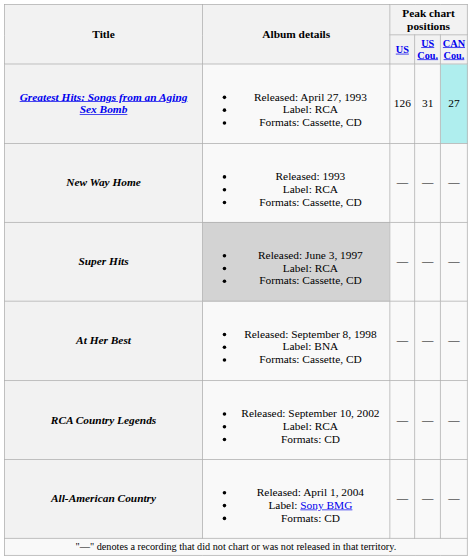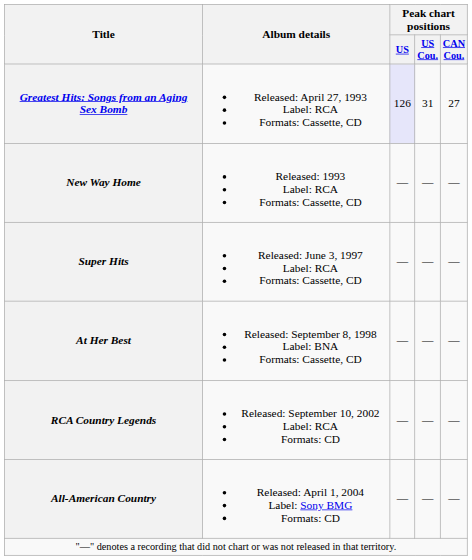 <table class="wikitable plainrowheaders" style="text-align:center;" border="1">
 <tr>
 <th scope="col" rowspan="2" style="width:17em;">Title</th>
 <th scope="col" rowspan="2" style="width:16em;">Album details</th>
 <th scope="col" colspan="3">Peak chart<br>positions</th>
 </tr>
 <tr>
 <th scope="col" style="width:2em;font-size:90%;"><a href='#'>US</a><br></th>
 <th scope="col" style="width:2em;font-size:90%;"><a href='#'>US<br>Cou.</a><br></th>
 <th scope="col" style="width:2em;font-size:90%;"><a href='#'>CAN<br>Cou.</a><br></th>
 </tr>
 <tr>
 <th scope="row"><em><a href='#'>Greatest Hits: Songs from an Aging<br>Sex Bomb</a></em></th>
 <td><br><ul><li>Released: April 27, 1993</li><li>Label: RCA</li><li>Formats: Cassette, CD</li></ul></td>
-<td>126</td>
+<td style="background: lavender;">126</td>
 <td>31</td>
-<td style="background: paleturquoise;">27</td>
+<td>27</td>
 </tr>
 <tr>
 <th scope="row"><em>New Way Home</em></th>
 <td><br><ul><li>Released: 1993</li><li>Label: RCA</li><li>Formats: Cassette, CD</li></ul></td>
 <td>—</td>
 <td>—</td>
 <td>—</td>
 </tr>
 <tr>
 <th scope="row"><em>Super Hits</em></th>
-<td style="background: lightgrey;"><br><ul><li>Released: June 3, 1997</li><li>Label: RCA</li><li>Formats: Cassette, CD</li></ul></td>
+<td><br><ul><li>Released: June 3, 1997</li><li>Label: RCA</li><li>Formats: Cassette, CD</li></ul></td>
 <td>—</td>
 <td>—</td>
 <td>—</td>
 </tr>
 <tr>
 <th scope="row"><em>At Her Best</em></th>
 <td><br><ul><li>Released: September 8, 1998</li><li>Label: BNA</li><li>Formats: Cassette, CD</li></ul></td>
 <td>—</td>
 <td>—</td>
 <td>—</td>
 </tr>
 <tr>
 <th scope="row"><em>RCA Country Legends</em></th>
 <td><br><ul><li>Released: September 10, 2002</li><li>Label: RCA</li><li>Formats: CD</li></ul></td>
 <td>—</td>
 <td>—</td>
 <td>—</td>
 </tr>
 <tr>
 <th scope="row"><em>All-American Country</em></th>
 <td><br><ul><li>Released: April 1, 2004</li><li>Label: <a href='#'>Sony BMG</a></li><li>Formats: CD</li></ul></td>
 <td>—</td>
 <td>—</td>
 <td>—</td>
 </tr>
 <tr>
 <td colspan="5" style="font-size:90%">"—" denotes a recording that did not chart or was not released in that territory.</td>
 </tr>
 </table>
